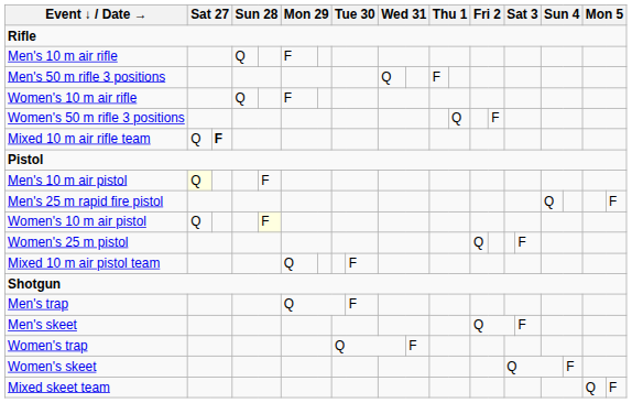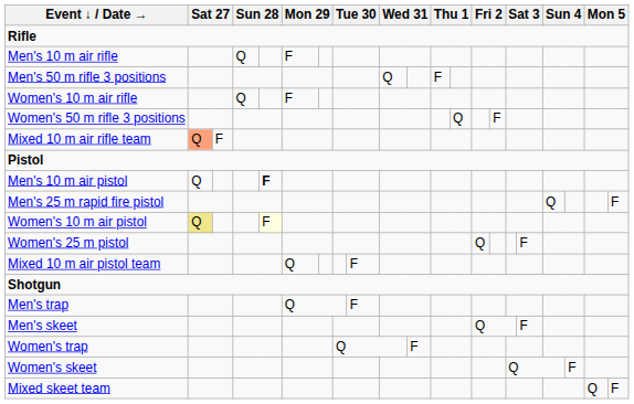 <table class="wikitable olympic-schedule shooting">
 <tr>
 <th>Event ↓ / Date →</th>
 <th colspan=2>Sat 27</th>
 <th colspan=2>Sun 28</th>
 <th colspan=2>Mon 29</th>
 <th colspan=2>Tue 30</th>
 <th colspan=2>Wed 31</th>
 <th colspan=2>Thu 1</th>
 <th colspan=2>Fri 2</th>
 <th colspan=2>Sat 3</th>
 <th colspan=2>Sun 4</th>
 <th colspan=2>Mon 5</th>
 </tr>
 <tr>
 <td colspan=21 class="event"><strong>Rifle</strong></td>
 </tr>
 <tr>
 <td class="event"><a href='#'>Men's 10 m air rifle</a></td>
 <td colspan=2></td>
 <td class="qualifiers">Q</td>
 <td></td>
 <td class="final">F</td>
 <td></td>
 <td colspan=2></td>
 <td colspan=2></td>
 <td colspan=2></td>
 <td colspan=2></td>
 <td colspan=2></td>
 <td colspan=2></td>
 <td colspan=2></td>
 </tr>
 <tr>
 <td class="event"><a href='#'>Men's 50 m rifle 3 positions</a></td>
 <td colspan=2></td>
 <td colspan=2></td>
 <td colspan=2></td>
 <td colspan=2></td>
 <td class="qualifiers">Q</td>
 <td></td>
 <td class="final">F</td>
 <td></td>
 <td colspan=2></td>
 <td colspan=2></td>
 <td colspan=2></td>
 <td colspan=2></td>
 </tr>
 <tr>
 <td class="event"><a href='#'>Women's 10 m air rifle</a></td>
 <td colspan=2></td>
 <td class="qualifiers">Q</td>
 <td></td>
 <td class="final">F</td>
 <td></td>
 <td colspan=2></td>
 <td colspan=2></td>
 <td colspan=2></td>
 <td colspan=2></td>
 <td colspan=2></td>
 <td colspan=2></td>
 <td colspan=2></td>
 </tr>
 <tr>
 <td class="event"><a href='#'>Women's 50 m rifle 3 positions</a></td>
 <td colspan=2></td>
 <td colspan=2></td>
 <td colspan=2></td>
 <td colspan=2></td>
 <td colspan=2></td>
 <td></td>
 <td class="qualifiers">Q</td>
 <td></td>
 <td class="final">F</td>
 <td colspan=2></td>
 <td colspan=2></td>
 <td colspan=2></td>
 </tr>
 <tr>
 <td class="event"><a href='#'>Mixed 10 m air rifle team</a></td>
-<td class="qualifiers">Q</td>
-<td class="final"><strong>F</strong></td>
+<td class="qualifiers" style="background: lightsalmon;">Q</td>
+<td class="final">F</td>
 <td colspan=2></td>
 <td colspan=2></td>
 <td colspan=2></td>
 <td colspan=2></td>
 <td colspan=2></td>
 <td colspan=2></td>
 <td colspan=2></td>
 <td colspan=2></td>
 <td colspan=2></td>
 </tr>
 <tr>
 <td colspan=21 class="event"><strong>Pistol</strong></td>
 </tr>
 <tr>
 <td class="event"><a href='#'>Men's 10 m air pistol</a></td>
-<td class="qualifiers" style="background: lightyellow;">Q</td>
+<td class="qualifiers">Q</td>
 <td></td>
 <td></td>
-<td class="final">F</td>
+<td class="final"><strong>F</strong></td>
 <td colspan=2></td>
 <td colspan=2></td>
 <td colspan=2></td>
 <td colspan=2></td>
 <td colspan=2></td>
 <td colspan=2></td>
 <td colspan=2></td>
 <td colspan=2></td>
 </tr>
 <tr>
 <td class="event"><a href='#'>Men's 25 m rapid fire pistol</a></td>
 <td colspan=2></td>
 <td colspan=2></td>
 <td colspan=2></td>
 <td colspan=2></td>
 <td colspan=2></td>
 <td colspan=2></td>
 <td colspan=2></td>
 <td colspan=2></td>
 <td class="qualifiers">Q</td>
 <td></td>
 <td></td>
 <td class="final">F</td>
 </tr>
 <tr>
 <td class="event"><a href='#'>Women's 10 m air pistol</a></td>
-<td class="qualifiers">Q</td>
+<td class="qualifiers" style="background: khaki;">Q</td>
 <td></td>
 <td></td>
 <td class="final" style="background: lightyellow;">F</td>
 <td colspan=2></td>
 <td colspan=2></td>
 <td colspan=2></td>
 <td colspan=2></td>
 <td colspan=2></td>
 <td colspan=2></td>
 <td colspan=2></td>
 <td colspan=2></td>
 </tr>
 <tr>
 <td class="event"><a href='#'>Women's 25 m pistol</a></td>
 <td colspan=2></td>
 <td colspan=2></td>
 <td colspan=2></td>
 <td colspan=2></td>
 <td colspan=2></td>
 <td colspan=2></td>
 <td class="qualifiers">Q</td>
 <td></td>
 <td></td>
 <td class="final">F</td>
 <td colspan=2></td>
 <td colspan=2></td>
 </tr>
 <tr>
 <td class="event"><a href='#'>Mixed 10 m air pistol team</a></td>
 <td colspan=2></td>
 <td colspan=2></td>
 <td class="qualifiers">Q</td>
 <td></td>
 <td></td>
 <td class="final">F</td>
 <td colspan=2></td>
 <td colspan=2></td>
 <td colspan=2></td>
 <td colspan=2></td>
 <td colspan=2></td>
 <td colspan=2></td>
 </tr>
 <tr>
 <td colspan=21 class="event"><strong>Shotgun</strong></td>
 </tr>
 <tr>
 <td class="event"><a href='#'>Men's trap</a></td>
 <td colspan=2></td>
 <td colspan=2></td>
 <td colspan=3 class="qualifiers">Q</td>
 <td class="final">F</td>
 <td colspan=2></td>
 <td colspan=2></td>
 <td colspan=2></td>
 <td colspan=2></td>
 <td colspan=2></td>
 <td colspan=2></td>
 </tr>
 <tr>
 <td class="event"><a href='#'>Men's skeet</a></td>
 <td colspan=2></td>
 <td colspan=2></td>
 <td colspan=2></td>
 <td colspan=2></td>
 <td colspan=2></td>
 <td colspan=2></td>
 <td colspan=3 class="qualifiers">Q</td>
 <td class="final">F</td>
 <td colspan=2></td>
 <td colspan=2></td>
 </tr>
 <tr>
 <td class="event"><a href='#'>Women's trap</a></td>
 <td colspan=2></td>
 <td colspan=2></td>
 <td colspan=2></td>
 <td colspan=3 class="qualifiers">Q</td>
 <td class="final">F</td>
 <td colspan=2></td>
 <td colspan=2></td>
 <td colspan=2></td>
 <td colspan=2></td>
 <td colspan=2></td>
 </tr>
 <tr>
 <td class="event"><a href='#'>Women's skeet</a></td>
 <td colspan=2></td>
 <td colspan=2></td>
 <td colspan=2></td>
 <td colspan=2></td>
 <td colspan=2></td>
 <td colspan=2></td>
 <td colspan=2></td>
 <td colspan=3 class="qualifiers">Q</td>
 <td class="final">F</td>
 <td colspan=2></td>
 </tr>
 <tr>
 <td class="event"><a href='#'>Mixed skeet team</a></td>
 <td colspan=2></td>
 <td colspan=2></td>
 <td colspan=2></td>
 <td colspan=2></td>
 <td colspan=2></td>
 <td colspan=2></td>
 <td colspan=2></td>
 <td colspan=2></td>
 <td colspan=2></td>
 <td class="qualifiers">Q</td>
 <td class="final">F</td>
 </tr>
 </table>
